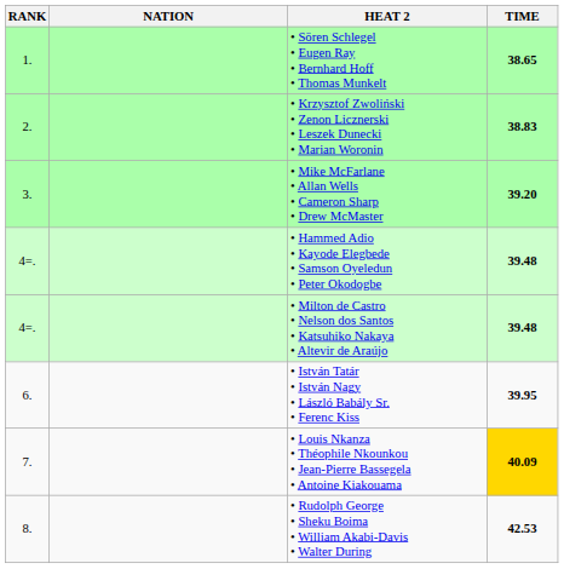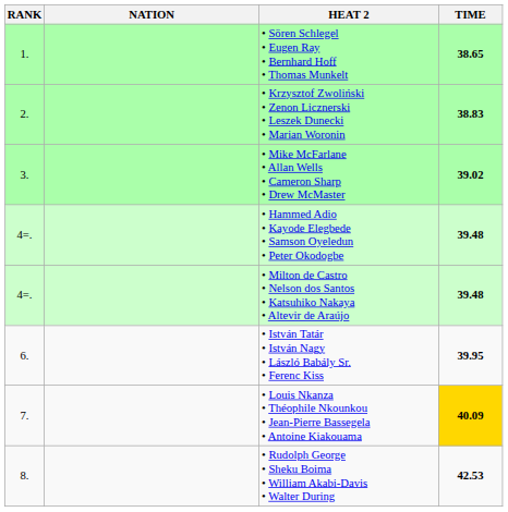 <table class="wikitable" style="border-collapse: collapse; font-size: 90%;">
 <tr>
 <th>RANK</th>
 <th style="width: 18em">NATION</th>
 <th style="width: 15em">HEAT 2</th>
 <th style="width: 5em">TIME</th>
 </tr>
 <tr style="background:#aaffaa;">
 <td align="center">1.</td>
 <td align="center"></td>
 <td>• <a href='#'>Sören Schlegel</a><br>• <a href='#'>Eugen Ray</a><br>• <a href='#'>Bernhard Hoff</a><br>• <a href='#'>Thomas Munkelt</a></td>
 <td align="center"><strong>38.65</strong></td>
 </tr>
 <tr style="background:#aaffaa;">
 <td align="center">2.</td>
 <td align="center"></td>
 <td>• <a href='#'>Krzysztof Zwoliński</a><br>• <a href='#'>Zenon Licznerski</a><br>• <a href='#'>Leszek Dunecki</a><br>• <a href='#'>Marian Woronin</a></td>
 <td align="center"><strong>38.83</strong></td>
 </tr>
 <tr style="background:#aaffaa;">
 <td align="center">3.</td>
 <td align="center"></td>
 <td>• <a href='#'>Mike McFarlane</a><br>• <a href='#'>Allan Wells</a><br>• <a href='#'>Cameron Sharp</a><br>• <a href='#'>Drew McMaster</a></td>
-<td align="center"><strong>39.20</strong></td>
+<td align="center"><strong>39.02</strong></td>
 </tr>
 <tr style="background:#ccffcc;">
 <td align="center">4=.</td>
 <td align="center"></td>
 <td>• <a href='#'>Hammed Adio</a><br>• <a href='#'>Kayode Elegbede</a><br>• <a href='#'>Samson Oyeledun</a><br>• <a href='#'>Peter Okodogbe</a></td>
 <td align="center"><strong>39.48</strong></td>
 </tr>
 <tr style="background:#ccffcc;">
 <td align="center">4=.</td>
 <td align="center"></td>
 <td>• <a href='#'>Milton de Castro</a><br>• <a href='#'>Nelson dos Santos</a><br>• <a href='#'>Katsuhiko Nakaya</a><br>• <a href='#'>Altevir de Araújo</a></td>
 <td align="center"><strong>39.48</strong></td>
 </tr>
 <tr>
 <td align="center">6.</td>
 <td align="center"></td>
 <td>• <a href='#'>István Tatár</a><br>• <a href='#'>István Nagy</a><br>• <a href='#'>László Babály Sr.</a><br>• <a href='#'>Ferenc Kiss</a></td>
 <td align="center"><strong>39.95</strong></td>
 </tr>
 <tr>
 <td align="center">7.</td>
 <td align="center"></td>
 <td>• <a href='#'>Louis Nkanza</a><br>• <a href='#'>Théophile Nkounkou</a><br>• <a href='#'>Jean-Pierre Bassegela</a><br>• <a href='#'>Antoine Kiakouama</a></td>
 <td align="center" style="background: gold;"><strong>40.09</strong></td>
 </tr>
 <tr>
 <td align="center">8.</td>
 <td align="center"></td>
 <td>• <a href='#'>Rudolph George</a><br>• <a href='#'>Sheku Boima</a><br>• <a href='#'>William Akabi-Davis</a><br>• <a href='#'>Walter During</a></td>
 <td align="center"><strong>42.53</strong></td>
 </tr>
 </table>
